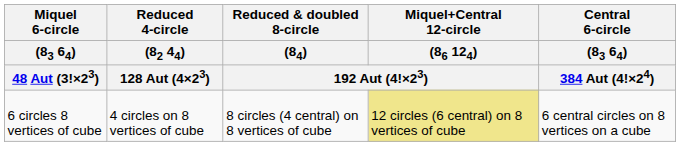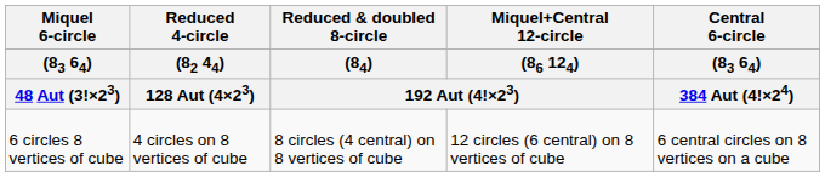 <table class=wikitable width=800>
 <tr valign=bottom>
 <th>Miquel<br>6-circle</th>
 <th>Reduced<br>4-circle</th>
 <th>Reduced & doubled<br>8-circle</th>
 <th>Miquel+Central<br>12-circle</th>
 <th>Central<br>6-circle</th>
 </tr>
 <tr>
 <th>(8<sub>3</sub> 6<sub>4</sub>)</th>
 <th>(8<sub>2</sub> 4<sub>4</sub>)</th>
 <th>(8<sub>4</sub>)</th>
 <th>(8<sub>6</sub> 12<sub>4</sub>)</th>
 <th>(8<sub>3</sub> 6<sub>4</sub>)</th>
 </tr>
 <tr>
 <th><a href='#'>48</a> <a href='#'>Aut</a> (3!×2<sup>3</sup>)</th>
 <th>128 Aut (4×2<sup>3</sup>)</th>
 <th colspan=2>192 Aut (4!×2<sup>3</sup>)</th>
 <th><a href='#'>384</a> Aut (4!×2<sup>4</sup>)</th>
 </tr>
 <tr valign=top>
 <td><br>6 circles 8 vertices of cube</td>
 <td><br>4 circles on 8 vertices of cube</td>
 <td><br>8 circles (4 central) on 8 vertices of cube</td>
-<td style="background: khaki;"><br>12 circles (6 central) on 8 vertices of cube</td>
+<td><br>12 circles (6 central) on 8 vertices of cube</td>
 <td><br>6 central circles on 8 vertices on a cube</td>
 </tr>
 </table>
